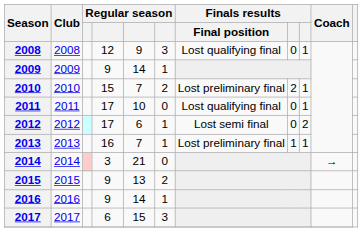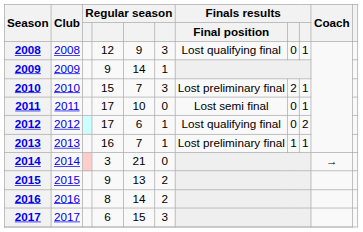 <table class="wikitable sortable plainrowheaders" style="text-align:center;">
 <tr>
 <th scope="col" rowspan=2>Season</th>
 <th scope="col" class="unsortable" rowspan=2>Club</th>
 <th scope="col" colspan="4">Regular season</th>
 <th scope="col" colspan="3">Finals results</th>
 <th scope="col" rowspan=2>Coach</th>
 <th scope="col" class="unsortable" rowspan=2></th>
 </tr>
 <tr>
 <th scope="col"></th>
 <th scope="col"></th>
 <th scope="col"></th>
 <th scope="col"></th>
 <th scope="col">Final position</th>
 <th scope="col"></th>
 <th scope="col"></th>
 </tr>
 <tr>
 <th scope="row" style="text-align:center;"><a href='#'>2008</a></th>
 <td><a href='#'>2008</a></td>
 <td></td>
 <td>12</td>
 <td>9</td>
 <td>3</td>
 <td>Lost qualifying final</td>
 <td>0</td>
 <td>1</td>
 <td rowspan=6></td>
 <td></td>
 </tr>
 <tr>
 <th scope="row" style="text-align:center;"><a href='#'>2009</a></th>
 <td><a href='#'>2009</a></td>
 <td></td>
 <td>9</td>
 <td>14</td>
 <td>1</td>
 <td colspan=3 style="background:#efefef;"></td>
 <td></td>
 </tr>
 <tr>
 <th scope="row" style="text-align:center;"><a href='#'>2010</a></th>
 <td><a href='#'>2010</a></td>
 <td></td>
 <td>15</td>
 <td>7</td>
-<td>2</td>
+<td>3</td>
 <td>Lost preliminary final</td>
 <td>2</td>
 <td>1</td>
 <td></td>
 </tr>
 <tr>
 <th scope="row" style="text-align:center;"><a href='#'>2011</a></th>
 <td><a href='#'>2011</a></td>
 <td></td>
 <td>17</td>
 <td>10</td>
 <td>0</td>
-<td>Lost qualifying final</td>
+<td>Lost semi final</td>
 <td>0</td>
 <td>1</td>
 <td></td>
 </tr>
 <tr>
 <th scope="row" style="text-align:center;"><a href='#'>2012</a></th>
 <td><a href='#'>2012</a></td>
 <td style="background:#CCFFFF;"></td>
 <td>17</td>
 <td>6</td>
 <td>1</td>
-<td>Lost semi final</td>
+<td>Lost qualifying final</td>
 <td>0</td>
 <td>2</td>
 <td></td>
 </tr>
 <tr>
 <th scope="row" style="text-align:center;"><a href='#'>2013</a></th>
 <td><a href='#'>2013</a></td>
 <td></td>
 <td>16</td>
 <td>7</td>
 <td>1</td>
 <td>Lost preliminary final</td>
 <td>1</td>
 <td>1</td>
 <td></td>
 </tr>
 <tr>
 <th scope="row" style="text-align:center;"><a href='#'>2014</a></th>
 <td><a href='#'>2014</a></td>
 <td style="background-color:#fcc;"></td>
 <td>3</td>
 <td>21</td>
 <td>0</td>
 <td colspan=3 style="background:#efefef;"></td>
 <td> → </td>
 <td></td>
 </tr>
 <tr>
 <th scope="row" style="text-align:center;"><a href='#'>2015</a></th>
 <td><a href='#'>2015</a></td>
 <td></td>
 <td>9</td>
 <td>13</td>
 <td>2</td>
 <td colspan=3 style="background:#efefef;"></td>
 <td></td>
 <td></td>
 </tr>
 <tr>
 <th scope="row" style="text-align:center;"><a href='#'>2016</a></th>
 <td><a href='#'>2016</a></td>
 <td></td>
-<td>9</td>
+<td>8</td>
 <td>14</td>
-<td>1</td>
+<td>2</td>
 <td colspan=3 style="background:#efefef;"></td>
 <td></td>
 <td></td>
 </tr>
 <tr>
 <th scope="row" style="text-align:center;"><a href='#'>2017</a></th>
 <td><a href='#'>2017</a></td>
 <td></td>
 <td>6</td>
 <td>15</td>
 <td>3</td>
 <td colspan=3 style="background:#efefef;"></td>
 <td></td>
 </tr>
 <tr>
 </tr>
 </table>
